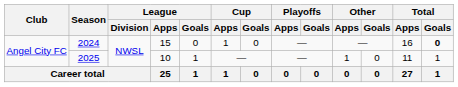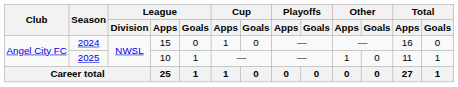 <table class="wikitable" style="text-align: center;">
 <tr>
 <th rowspan="2">Club</th>
 <th rowspan="2">Season</th>
 <th colspan="3">League</th>
 <th colspan="2">Cup</th>
 <th colspan="2">Playoffs</th>
 <th colspan="2">Other</th>
 <th colspan="2">Total</th>
 </tr>
 <tr>
 <th>Division</th>
 <th>Apps</th>
 <th>Goals</th>
 <th>Apps</th>
 <th>Goals</th>
 <th>Apps</th>
 <th>Goals</th>
 <th>Apps</th>
 <th>Goals</th>
 <th>Apps</th>
 <th>Goals</th>
 </tr>
 <tr>
 <td rowspan="2"><a href='#'>Angel City FC</a></td>
 <td><a href='#'>2024</a></td>
 <td rowspan="2"><a href='#'>NWSL</a></td>
 <td>15</td>
 <td>0</td>
 <td>1</td>
 <td>0</td>
 <td colspan="2">—</td>
 <td colspan="2">—</td>
 <td>16</td>
-<td><strong>0</strong></td>
+<td>0</td>
 </tr>
 <tr>
 <td><a href='#'>2025</a></td>
 <td>10</td>
 <td>1</td>
 <td colspan="2">—</td>
 <td colspan="2">—</td>
 <td>1</td>
 <td>0</td>
 <td>11</td>
 <td>1</td>
 </tr>
 <tr>
 <th colspan="3">Career total</th>
 <th>25</th>
 <th>1</th>
 <th>1</th>
 <th>0</th>
 <th>0</th>
 <th>0</th>
 <th>0</th>
 <th>0</th>
 <th>27</th>
 <th>1</th>
 </tr>
 </table>
